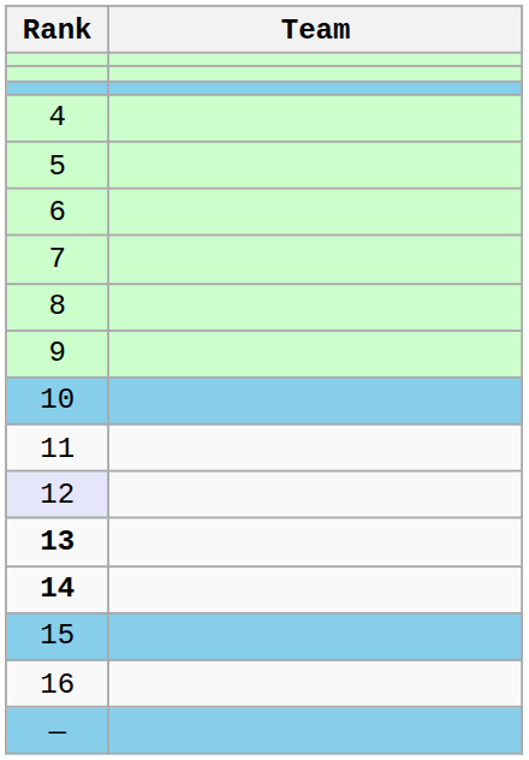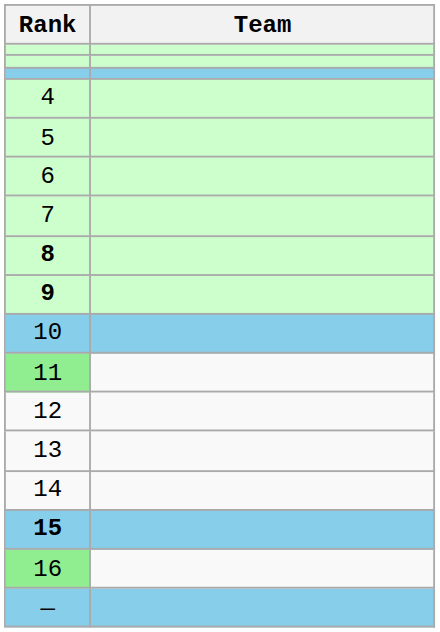 <table class="wikitable" style="text-align: center;">
 <tr>
 <th width=40>Rank</th>
 <th width=180>Team</th>
 </tr>
 <tr bgcolor=#ccffcc>
 <td></td>
 <td align=left></td>
 </tr>
 <tr bgcolor=#ccffcc>
 <td></td>
 <td align=left></td>
 </tr>
 <tr bgcolor=#87ceeb>
 <td></td>
 <td align=left></td>
 </tr>
 <tr bgcolor=#ccffcc>
 <td>4</td>
 <td align=left></td>
 </tr>
 <tr bgcolor=#ccffcc>
 <td>5</td>
 <td align=left></td>
 </tr>
 <tr bgcolor=#ccffcc>
 <td>6</td>
 <td align=left></td>
 </tr>
 <tr bgcolor=#ccffcc>
 <td>7</td>
 <td align=left></td>
 </tr>
 <tr bgcolor=#ccffcc>
-<td>8</td>
+<td><strong>8</strong></td>
 <td align=left></td>
 </tr>
 <tr bgcolor=#ccffcc>
-<td>9</td>
+<td><strong>9</strong></td>
 <td align=left></td>
 </tr>
 <tr bgcolor=#87ceeb>
 <td>10</td>
 <td align=left></td>
 </tr>
 <tr>
-<td>11</td>
+<td style="background: lightgreen;">11</td>
 <td align=left></td>
 </tr>
 <tr>
-<td style="background: lavender;">12</td>
+<td>12</td>
 <td align=left></td>
 </tr>
 <tr>
-<td><strong>13</strong></td>
+<td>13</td>
 <td align=left></td>
 </tr>
 <tr>
-<td><strong>14</strong></td>
+<td>14</td>
 <td align=left></td>
 </tr>
 <tr bgcolor=#87ceeb>
-<td>15</td>
+<td><strong>15</strong></td>
 <td align=left></td>
 </tr>
 <tr>
-<td>16</td>
+<td style="background: lightgreen;">16</td>
 <td align=left></td>
 </tr>
 <tr bgcolor=#87ceeb>
 <td>—</td>
 <td align=left></td>
 </tr>
 </table>
